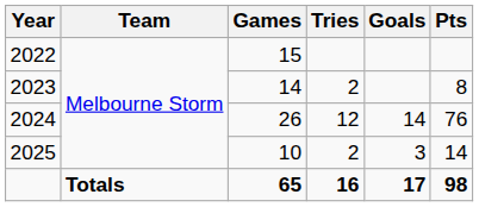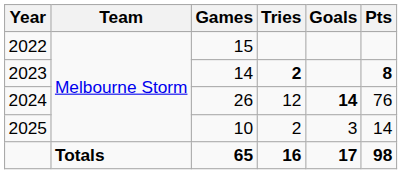 <table class="wikitable">
 <tr>
 <th>Year</th>
 <th>Team</th>
 <th>Games</th>
 <th>Tries</th>
 <th>Goals</th>
 <th>Pts</th>
 </tr>
 <tr>
 <td align=center>2022</td>
 <td rowspan=4> <a href='#'>Melbourne Storm</a></td>
 <td align=right>15</td>
 <td align=right></td>
 <td align=right></td>
 <td align=right></td>
 </tr>
 <tr>
 <td align=center>2023</td>
 <td align=right>14</td>
-<td align=right>2</td>
+<td align=right><strong>2</strong></td>
 <td align=right></td>
-<td align=right>8</td>
+<td align=right><strong>8</strong></td>
 </tr>
 <tr>
 <td align=center>2024</td>
 <td align=right>26</td>
 <td align=right>12</td>
-<td align=right>14</td>
+<td align=right><strong>14</strong></td>
 <td align=right>76</td>
 </tr>
 <tr>
 <td align=center>2025</td>
 <td align=right>10</td>
 <td align=right>2</td>
 <td align=right>3</td>
 <td align=right>14</td>
 </tr>
 <tr>
 <td></td>
 <td align=left><strong>Totals</strong></td>
 <td align=right><strong>65</strong></td>
 <td align=right><strong>16</strong></td>
 <td align=right><strong>17</strong></td>
 <td align=right><strong>98</strong></td>
 </tr>
 </table>
